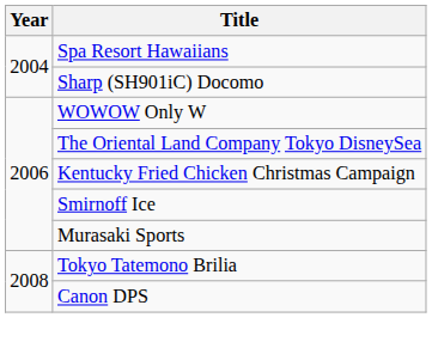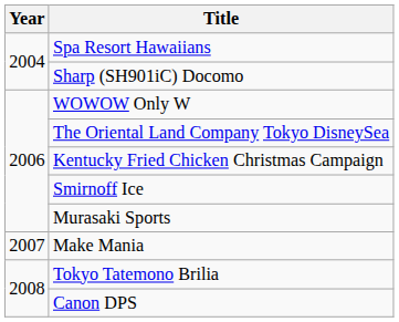 <table class="wikitable">
 <tr>
 <th>Year</th>
 <th>Title</th>
 </tr>
 <tr>
 <td rowspan="2">2004</td>
 <td><a href='#'>Spa Resort Hawaiians</a></td>
 </tr>
 <tr>
 <td><a href='#'>Sharp</a> (SH901iC) Docomo</td>
 </tr>
 <tr>
 <td rowspan="5">2006</td>
 <td><a href='#'>WOWOW</a> Only W</td>
 </tr>
 <tr>
 <td><a href='#'>The Oriental Land Company</a> <a href='#'>Tokyo DisneySea</a></td>
 </tr>
 <tr>
 <td><a href='#'>Kentucky Fried Chicken</a> Christmas Campaign</td>
 </tr>
 <tr>
 <td><a href='#'>Smirnoff</a> Ice</td>
 </tr>
 <tr>
 <td>Murasaki Sports</td>
 </tr>
 <tr>
+<td>2007</td>
+<td>Make Mania</td>
+</tr>
+<tr>
 <td rowspan="2">2008</td>
 <td><a href='#'>Tokyo Tatemono</a> Brilia</td>
 </tr>
 <tr>
 <td><a href='#'>Canon</a> DPS</td>
 </tr>
 </table>
